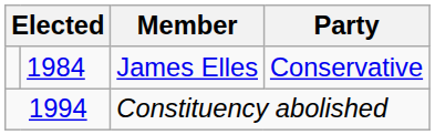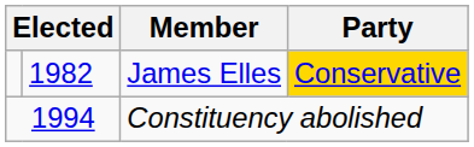 <table class="wikitable">
 <tr>
 <th colspan = "2">Elected</th>
 <th>Member</th>
 <th>Party</th>
 </tr>
 <tr>
 <td style="background-color: "></td>
-<td><a href='#'>1984</a></td>
+<td><a href='#'>1982</a></td>
 <td><a href='#'>James Elles</a></td>
-<td><a href='#'>Conservative</a></td>
+<td style="background: gold;"><a href='#'>Conservative</a></td>
 </tr>
 <tr>
 <td colspan="2" align="center"><a href='#'>1994</a></td>
 <td colspan="2"><em>Constituency abolished</em></td>
 </tr>
 </table>
